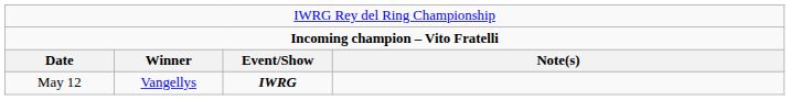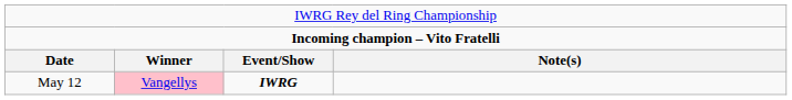 <table class="wikitable" style="text-align:center; width:100%;">
 <tr>
 <td colspan="4" style="text-align: center;"><a href='#'>IWRG Rey del Ring Championship</a></td>
 </tr>
 <tr>
 <td colspan="4" style="text-align: center;"><strong>Incoming champion – Vito Fratelli</strong></td>
 </tr>
 <tr>
 <th width=14%>Date</th>
 <th width=14%>Winner</th>
 <th width=14%>Event/Show</th>
 <th width=58%>Note(s)</th>
 </tr>
 <tr>
 <td>May 12</td>
-<td><a href='#'>Vangellys</a></td>
+<td style="background: pink;"><a href='#'>Vangellys</a></td>
 <td><strong><em>IWRG</em></strong></td>
 <td></td>
 </tr>
 </table>
